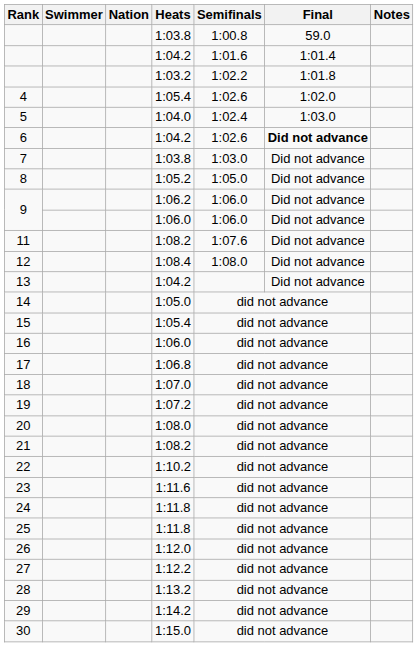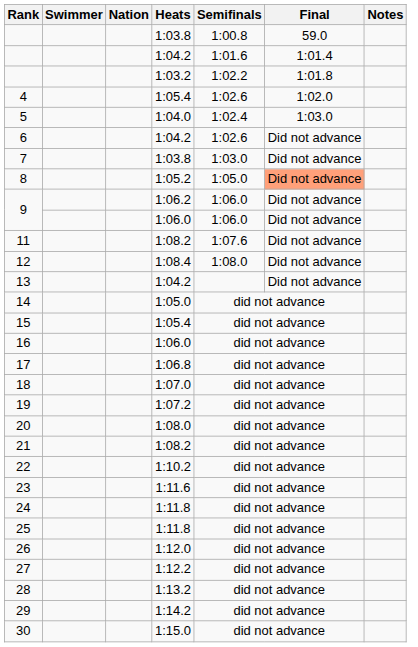 <table class="wikitable sortable" style="text-align:center">
 <tr>
 <th>Rank</th>
 <th>Swimmer</th>
 <th>Nation</th>
 <th>Heats</th>
 <th>Semifinals</th>
 <th>Final</th>
 <th>Notes</th>
 </tr>
 <tr>
 <td></td>
 <td align=left></td>
 <td align=left></td>
 <td>1:03.8</td>
 <td>1:00.8</td>
 <td data-sort-value=0:59.0>59.0</td>
 <td></td>
 </tr>
 <tr>
 <td></td>
 <td align=left></td>
 <td align=left></td>
 <td>1:04.2</td>
 <td>1:01.6</td>
 <td>1:01.4</td>
 <td></td>
 </tr>
 <tr>
 <td></td>
 <td align=left></td>
 <td align=left></td>
 <td>1:03.2</td>
 <td>1:02.2</td>
 <td>1:01.8</td>
 <td></td>
 </tr>
 <tr>
 <td>4</td>
 <td align=left></td>
 <td align=left></td>
 <td>1:05.4</td>
 <td>1:02.6</td>
 <td>1:02.0</td>
 <td></td>
 </tr>
 <tr>
 <td>5</td>
 <td align=left></td>
 <td align=left></td>
 <td>1:04.0</td>
 <td>1:02.4</td>
 <td>1:03.0</td>
 <td></td>
 </tr>
 <tr>
 <td>6</td>
 <td align=left></td>
 <td align=left></td>
 <td>1:04.2</td>
 <td>1:02.6</td>
-<td><strong>Did not advance</strong></td>
+<td>Did not advance</td>
 <td></td>
 </tr>
 <tr>
 <td>7</td>
 <td align=left></td>
 <td align=left></td>
 <td>1:03.8</td>
 <td>1:03.0</td>
 <td>Did not advance</td>
 <td></td>
 </tr>
 <tr>
 <td>8</td>
 <td align=left></td>
 <td align=left></td>
 <td>1:05.2</td>
 <td>1:05.0</td>
-<td>Did not advance</td>
+<td style="background: lightsalmon;">Did not advance</td>
 <td></td>
 </tr>
 <tr>
 <td rowspan=2>9</td>
 <td align=left></td>
 <td align=left></td>
 <td>1:06.2</td>
 <td>1:06.0</td>
 <td>Did not advance</td>
 <td></td>
 </tr>
 <tr>
 <td align=left></td>
 <td align=left></td>
 <td>1:06.0</td>
 <td>1:06.0</td>
 <td>Did not advance</td>
 <td></td>
 </tr>
 <tr>
 <td>11</td>
 <td align=left></td>
 <td align=left></td>
 <td>1:08.2</td>
 <td>1:07.6</td>
 <td>Did not advance</td>
 <td></td>
 </tr>
 <tr>
 <td>12</td>
 <td align=left></td>
 <td align=left></td>
 <td>1:08.4</td>
 <td>1:08.0</td>
 <td>Did not advance</td>
 <td></td>
 </tr>
 <tr>
 <td>13</td>
 <td align=left></td>
 <td align=left></td>
 <td>1:04.2</td>
 <td></td>
 <td>Did not advance</td>
 <td></td>
 </tr>
 <tr>
 <td>14</td>
 <td align=left></td>
 <td align=left></td>
 <td>1:05.0</td>
 <td colspan=2>did not advance</td>
 <td></td>
 </tr>
 <tr>
 <td>15</td>
 <td align=left></td>
 <td align=left></td>
 <td>1:05.4</td>
 <td colspan=2>did not advance</td>
 <td></td>
 </tr>
 <tr>
 <td>16</td>
 <td align=left></td>
 <td align=left></td>
 <td>1:06.0</td>
 <td colspan=2>did not advance</td>
 <td></td>
 </tr>
 <tr>
 <td>17</td>
 <td align=left></td>
 <td align=left></td>
 <td>1:06.8</td>
 <td colspan=2>did not advance</td>
 <td></td>
 </tr>
 <tr>
 <td>18</td>
 <td align=left></td>
 <td align=left></td>
 <td>1:07.0</td>
 <td colspan=2>did not advance</td>
 <td></td>
 </tr>
 <tr>
 <td>19</td>
 <td align=left></td>
 <td align=left></td>
 <td>1:07.2</td>
 <td colspan=2>did not advance</td>
 <td></td>
 </tr>
 <tr>
 <td>20</td>
 <td align=left></td>
 <td align=left></td>
 <td>1:08.0</td>
 <td colspan=2>did not advance</td>
 <td></td>
 </tr>
 <tr>
 <td>21</td>
 <td align=left></td>
 <td align=left></td>
 <td>1:08.2</td>
 <td colspan=2>did not advance</td>
 <td></td>
 </tr>
 <tr>
 <td>22</td>
 <td align=left></td>
 <td align=left></td>
 <td>1:10.2</td>
 <td colspan=2>did not advance</td>
 <td></td>
 </tr>
 <tr>
 <td>23</td>
 <td align=left></td>
 <td align=left></td>
 <td>1:11.6</td>
 <td colspan=2>did not advance</td>
 <td></td>
 </tr>
 <tr>
 <td>24</td>
 <td align=left></td>
 <td align=left></td>
 <td>1:11.8</td>
 <td colspan=2>did not advance</td>
 <td></td>
 </tr>
 <tr>
 <td>25</td>
 <td align=left></td>
 <td align=left></td>
 <td>1:11.8</td>
 <td colspan=2>did not advance</td>
 <td></td>
 </tr>
 <tr>
 <td>26</td>
 <td align=left></td>
 <td align=left></td>
 <td>1:12.0</td>
 <td colspan=2>did not advance</td>
 <td></td>
 </tr>
 <tr>
 <td>27</td>
 <td align=left></td>
 <td align=left></td>
 <td>1:12.2</td>
 <td colspan=2>did not advance</td>
 <td></td>
 </tr>
 <tr>
 <td>28</td>
 <td align=left></td>
 <td align=left></td>
 <td>1:13.2</td>
 <td colspan=2>did not advance</td>
 <td></td>
 </tr>
 <tr>
 <td>29</td>
 <td align=left></td>
 <td align=left></td>
 <td>1:14.2</td>
 <td colspan=2>did not advance</td>
 <td></td>
 </tr>
 <tr>
 <td>30</td>
 <td align=left></td>
 <td align=left></td>
 <td>1:15.0</td>
 <td colspan=2>did not advance</td>
 <td></td>
 </tr>
 </table>
